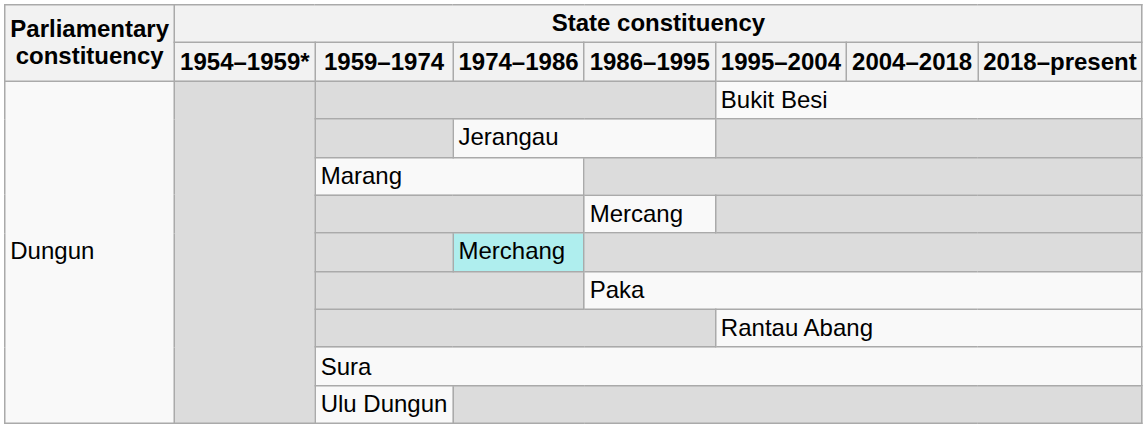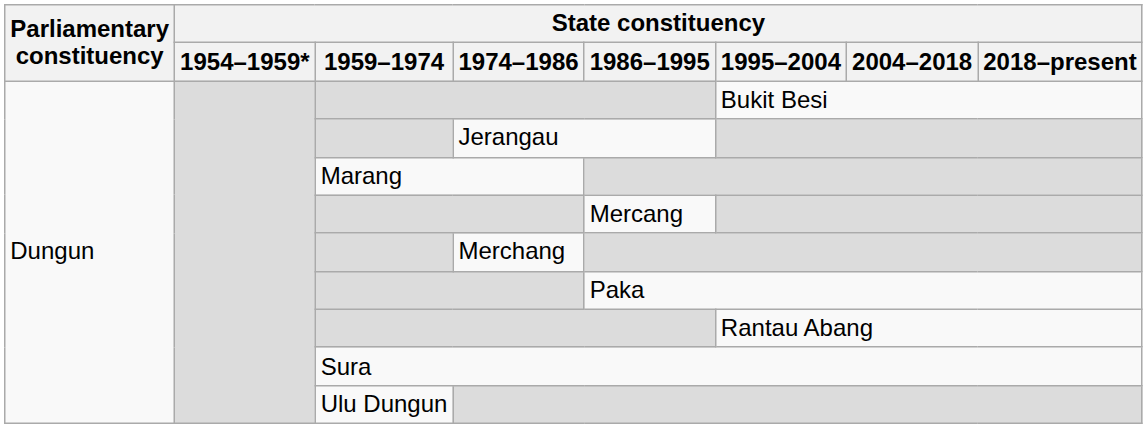 <table class="wikitable">
 <tr>
 <th rowspan="2">Parliamentary<br>constituency</th>
 <th colspan="7">State constituency</th>
 </tr>
 <tr>
 <th>1954–1959*</th>
 <th>1959–1974</th>
 <th>1974–1986</th>
 <th>1986–1995</th>
 <th>1995–2004</th>
 <th>2004–2018</th>
 <th>2018–present</th>
 </tr>
 <tr>
 <td rowspan="9">Dungun</td>
 <td rowspan="9" bgcolor="dcdcdc"></td>
 <td colspan="3" bgcolor="dcdcdc"></td>
 <td colspan="3">Bukit Besi</td>
 </tr>
 <tr>
 <td bgcolor="dcdcdc"></td>
 <td colspan="2">Jerangau</td>
 <td colspan="3" bgcolor="dcdcdc"></td>
 </tr>
 <tr>
 <td colspan="2">Marang</td>
 <td colspan="4" bgcolor="dcdcdc"></td>
 </tr>
 <tr>
 <td colspan="2" bgcolor="dcdcdc"></td>
 <td>Mercang</td>
 <td colspan="3" bgcolor="dcdcdc"></td>
 </tr>
 <tr>
 <td bgcolor="dcdcdc"></td>
-<td style="background: paleturquoise;">Merchang</td>
+<td>Merchang</td>
 <td colspan="4" bgcolor="dcdcdc"></td>
 </tr>
 <tr>
 <td colspan="2" bgcolor="dcdcdc"></td>
 <td colspan="4">Paka</td>
 </tr>
 <tr>
 <td colspan="3" bgcolor="dcdcdc"></td>
 <td colspan="3">Rantau Abang</td>
 </tr>
 <tr>
 <td colspan="6">Sura</td>
 </tr>
 <tr>
 <td>Ulu Dungun</td>
 <td colspan="5" bgcolor="dcdcdc"></td>
 </tr>
 </table>
